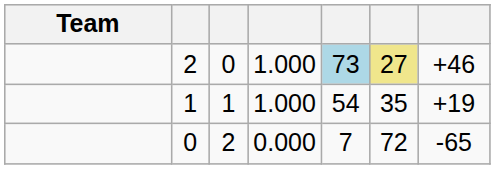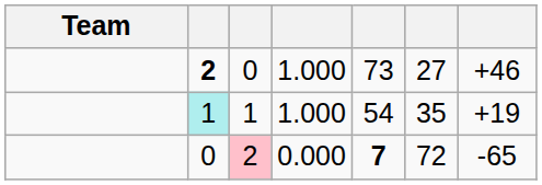 <table class="wikitable" style="text-align:center; width:50%">
 <tr>
 <th width="35%">Team</th>
 <th width="8%"></th>
 <th width="8%"></th>
 <th width="14%"></th>
 <th width="10%"></th>
 <th width="10%"></th>
 <th width="15%"></th>
 </tr>
 <tr>
 <td style="text-align:left;"></td>
-<td>2</td>
+<td><strong>2</strong></td>
 <td>0</td>
 <td>1.000</td>
-<td style="background: lightblue;">73</td>
-<td style="background: khaki;">27</td>
+<td>73</td>
+<td>27</td>
 <td>+46</td>
 </tr>
 <tr>
 <td style="text-align:left;"></td>
-<td>1</td>
+<td style="background: paleturquoise;">1</td>
 <td>1</td>
 <td>1.000</td>
 <td>54</td>
 <td>35</td>
 <td>+19</td>
 </tr>
 <tr>
 <td style="text-align:left;"></td>
 <td>0</td>
-<td>2</td>
+<td style="background: pink;">2</td>
 <td>0.000</td>
-<td>7</td>
+<td><strong>7</strong></td>
 <td>72</td>
 <td>-65</td>
 </tr>
 </table>
